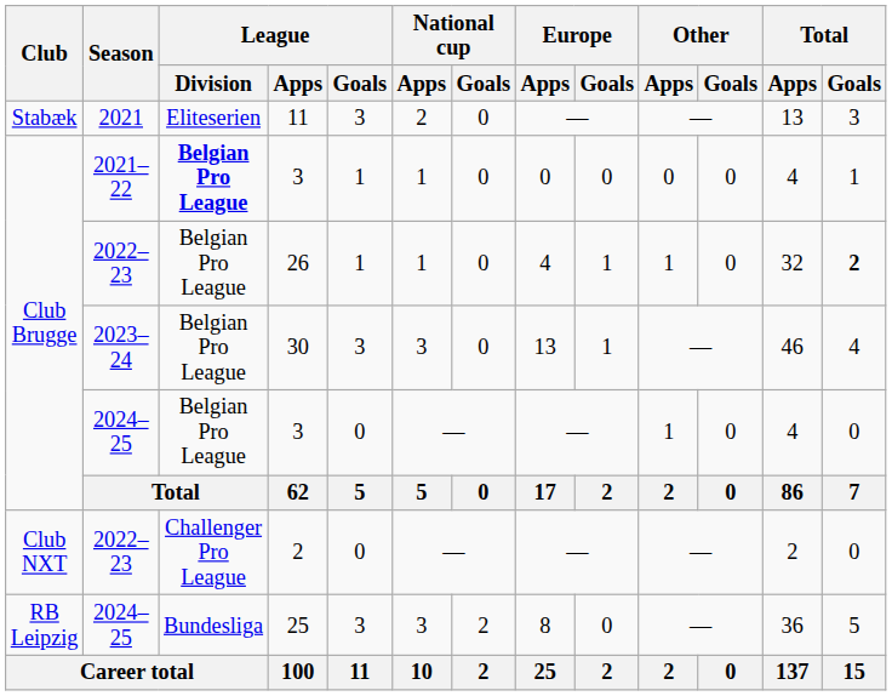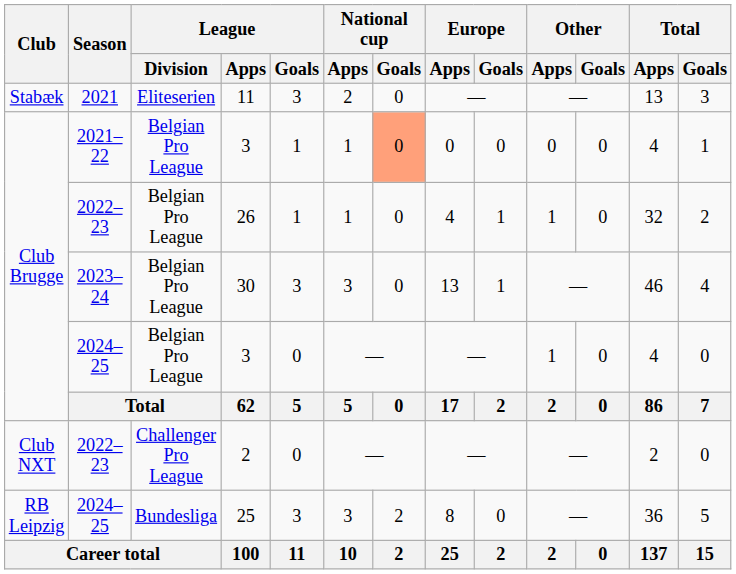 <table class="wikitable" style="text-align:center">
 <tr>
 <th rowspan="2">Club</th>
 <th rowspan="2">Season</th>
 <th colspan="3">League</th>
 <th colspan="2">National cup</th>
 <th colspan="2">Europe</th>
 <th colspan="2">Other</th>
 <th colspan="2">Total</th>
 </tr>
 <tr>
 <th>Division</th>
 <th>Apps</th>
 <th>Goals</th>
 <th>Apps</th>
 <th>Goals</th>
 <th>Apps</th>
 <th>Goals</th>
 <th>Apps</th>
 <th>Goals</th>
 <th>Apps</th>
 <th>Goals</th>
 </tr>
 <tr>
 <td><a href='#'>Stabæk</a></td>
 <td><a href='#'>2021</a></td>
 <td><a href='#'>Eliteserien</a></td>
 <td>11</td>
 <td>3</td>
 <td>2</td>
 <td>0</td>
 <td colspan="2">—</td>
 <td colspan="2">—</td>
 <td>13</td>
 <td>3</td>
 </tr>
 <tr>
 <td rowspan="5"><a href='#'>Club Brugge</a></td>
 <td><a href='#'>2021–22</a></td>
-<td><strong><a href='#'>Belgian Pro League</a></strong></td>
+<td><a href='#'>Belgian Pro League</a></td>
 <td>3</td>
 <td>1</td>
 <td>1</td>
-<td>0</td>
+<td style="background: lightsalmon;">0</td>
 <td>0</td>
 <td>0</td>
 <td>0</td>
 <td>0</td>
 <td>4</td>
 <td>1</td>
 </tr>
 <tr>
 <td><a href='#'>2022–23</a></td>
 <td>Belgian Pro League</td>
 <td>26</td>
 <td>1</td>
 <td>1</td>
 <td>0</td>
 <td>4</td>
 <td>1</td>
 <td>1</td>
 <td>0</td>
 <td>32</td>
-<td><strong>2</strong></td>
+<td>2</td>
 </tr>
 <tr>
 <td><a href='#'>2023–24</a></td>
 <td>Belgian Pro League</td>
 <td>30</td>
 <td>3</td>
 <td>3</td>
 <td>0</td>
 <td>13</td>
 <td>1</td>
 <td colspan="2">—</td>
 <td>46</td>
 <td>4</td>
 </tr>
 <tr>
 <td><a href='#'>2024–25</a></td>
 <td>Belgian Pro League</td>
 <td>3</td>
 <td>0</td>
 <td colspan="2">—</td>
 <td colspan="2">—</td>
 <td>1</td>
 <td>0</td>
 <td>4</td>
 <td>0</td>
 </tr>
 <tr>
 <th colspan="2">Total</th>
 <th>62</th>
 <th>5</th>
 <th>5</th>
 <th>0</th>
 <th>17</th>
 <th>2</th>
 <th>2</th>
 <th>0</th>
 <th>86</th>
 <th>7</th>
 </tr>
 <tr>
 <td><a href='#'>Club NXT</a></td>
 <td><a href='#'>2022–23</a></td>
 <td><a href='#'>Challenger Pro League</a></td>
 <td>2</td>
 <td>0</td>
 <td colspan="2">—</td>
 <td colspan="2">—</td>
 <td colspan="2">—</td>
 <td>2</td>
 <td>0</td>
 </tr>
 <tr>
 <td><a href='#'>RB Leipzig</a></td>
 <td><a href='#'>2024–25</a></td>
 <td><a href='#'>Bundesliga</a></td>
 <td>25</td>
 <td>3</td>
 <td>3</td>
 <td>2</td>
 <td>8</td>
 <td>0</td>
 <td colspan="2">—</td>
 <td>36</td>
 <td>5</td>
 </tr>
 <tr>
 <th colspan="3">Career total</th>
 <th>100</th>
 <th>11</th>
 <th>10</th>
 <th>2</th>
 <th>25</th>
 <th>2</th>
 <th>2</th>
 <th>0</th>
 <th>137</th>
 <th>15</th>
 </tr>
 </table>
